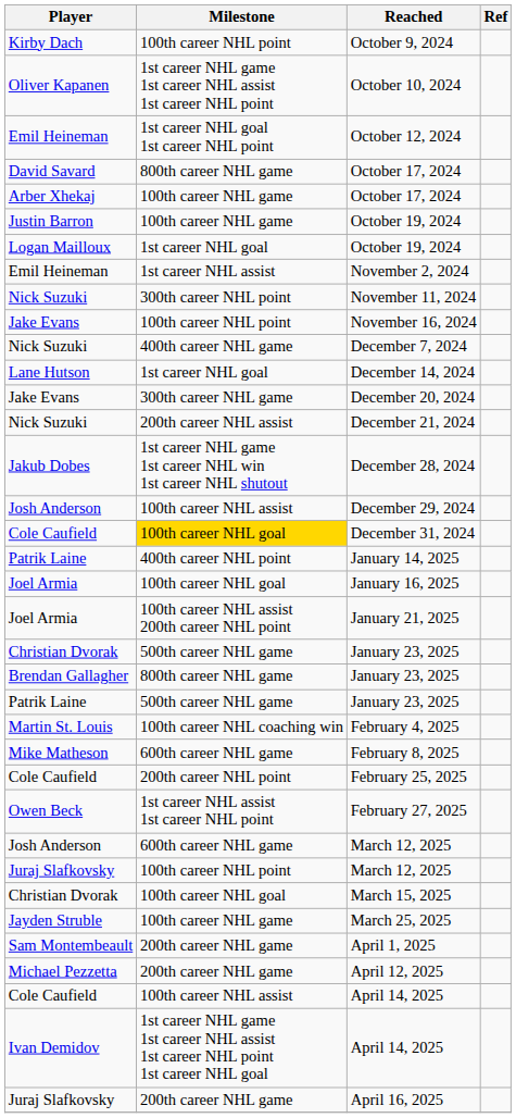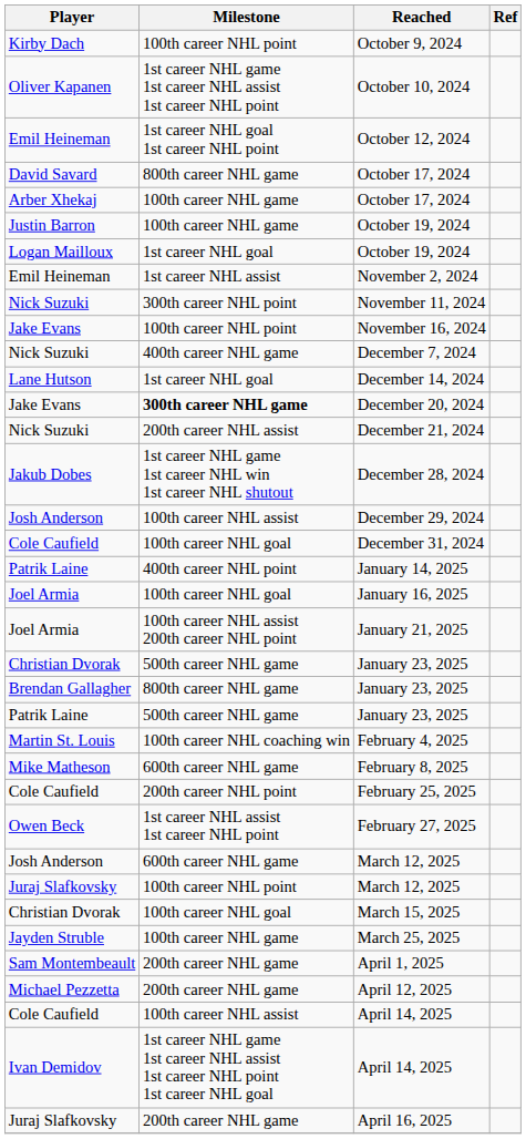 <table class="wikitable sortable">
 <tr align=center>
 <th>Player</th>
 <th>Milestone</th>
 <th data-sort-type="date">Reached</th>
 <th>Ref</th>
 </tr>
 <tr>
 <td><a href='#'>Kirby Dach</a></td>
 <td>100th career NHL point</td>
 <td>October 9, 2024</td>
 <td></td>
 </tr>
 <tr>
 <td><a href='#'>Oliver Kapanen</a></td>
 <td>1st career NHL game<br>1st career NHL assist<br>1st career NHL point</td>
 <td>October 10, 2024</td>
 <td></td>
 </tr>
 <tr>
 <td><a href='#'>Emil Heineman</a></td>
 <td>1st career NHL goal<br>1st career NHL point</td>
 <td>October 12, 2024</td>
 <td></td>
 </tr>
 <tr>
 <td><a href='#'>David Savard</a></td>
 <td>800th career NHL game</td>
 <td>October 17, 2024</td>
 <td></td>
 </tr>
 <tr>
 <td><a href='#'>Arber Xhekaj</a></td>
 <td>100th career NHL game</td>
 <td>October 17, 2024</td>
 <td></td>
 </tr>
 <tr>
 <td><a href='#'>Justin Barron</a></td>
 <td>100th career NHL game</td>
 <td>October 19, 2024</td>
 <td></td>
 </tr>
 <tr>
 <td><a href='#'>Logan Mailloux</a></td>
 <td>1st career NHL goal</td>
 <td>October 19, 2024</td>
 <td></td>
 </tr>
 <tr>
 <td>Emil Heineman</td>
 <td>1st career NHL assist</td>
 <td>November 2, 2024</td>
 <td></td>
 </tr>
 <tr>
 <td><a href='#'>Nick Suzuki</a></td>
 <td>300th career NHL point</td>
 <td>November 11, 2024</td>
 <td></td>
 </tr>
 <tr>
 <td><a href='#'>Jake Evans</a></td>
 <td>100th career NHL point</td>
 <td>November 16, 2024</td>
 <td></td>
 </tr>
 <tr>
 <td>Nick Suzuki</td>
 <td>400th career NHL game</td>
 <td>December 7, 2024</td>
 <td></td>
 </tr>
 <tr>
 <td><a href='#'>Lane Hutson</a></td>
 <td>1st career NHL goal</td>
 <td>December 14, 2024</td>
 <td></td>
 </tr>
 <tr>
 <td>Jake Evans</td>
-<td>300th career NHL game</td>
+<td><strong>300th career NHL game</strong></td>
 <td>December 20, 2024</td>
 <td></td>
 </tr>
 <tr>
 <td>Nick Suzuki</td>
 <td>200th career NHL assist</td>
 <td>December 21, 2024</td>
 <td></td>
 </tr>
 <tr>
 <td><a href='#'>Jakub Dobes</a></td>
 <td>1st career NHL game<br>1st career NHL win<br>1st career NHL <a href='#'>shutout</a></td>
 <td>December 28, 2024</td>
 <td></td>
 </tr>
 <tr>
 <td><a href='#'>Josh Anderson</a></td>
 <td>100th career NHL assist</td>
 <td>December 29, 2024</td>
 <td></td>
 </tr>
 <tr>
 <td><a href='#'>Cole Caufield</a></td>
-<td style="background: gold;">100th career NHL goal</td>
+<td>100th career NHL goal</td>
 <td>December 31, 2024</td>
 <td></td>
 </tr>
 <tr>
 <td><a href='#'>Patrik Laine</a></td>
 <td>400th career NHL point</td>
 <td>January 14, 2025</td>
 <td></td>
 </tr>
 <tr>
 <td><a href='#'>Joel Armia</a></td>
 <td>100th career NHL goal</td>
 <td>January 16, 2025</td>
 <td></td>
 </tr>
 <tr>
 <td>Joel Armia</td>
 <td>100th career NHL assist<br>200th career NHL point</td>
 <td>January 21, 2025</td>
 <td></td>
 </tr>
 <tr>
 <td><a href='#'>Christian Dvorak</a></td>
 <td>500th career NHL game</td>
 <td>January 23, 2025</td>
 <td></td>
 </tr>
 <tr>
 <td><a href='#'>Brendan Gallagher</a></td>
 <td>800th career NHL game</td>
 <td>January 23, 2025</td>
 <td></td>
 </tr>
 <tr>
 <td>Patrik Laine</td>
 <td>500th career NHL game</td>
 <td>January 23, 2025</td>
 <td></td>
 </tr>
 <tr>
 <td><a href='#'>Martin St. Louis</a></td>
 <td>100th career NHL coaching win</td>
 <td>February 4, 2025</td>
 <td></td>
 </tr>
 <tr>
 <td><a href='#'>Mike Matheson</a></td>
 <td>600th career NHL game</td>
 <td>February 8, 2025</td>
 <td></td>
 </tr>
 <tr>
 <td>Cole Caufield</td>
 <td>200th career NHL point</td>
 <td>February 25, 2025</td>
 <td></td>
 </tr>
 <tr>
 <td><a href='#'>Owen Beck</a></td>
 <td>1st career NHL assist<br>1st career NHL point</td>
 <td>February 27, 2025</td>
 <td></td>
 </tr>
 <tr>
 <td>Josh Anderson</td>
 <td>600th career NHL game</td>
 <td>March 12, 2025</td>
 <td></td>
 </tr>
 <tr>
 <td><a href='#'>Juraj Slafkovsky</a></td>
 <td>100th career NHL point</td>
 <td>March 12, 2025</td>
 <td></td>
 </tr>
 <tr>
 <td>Christian Dvorak</td>
 <td>100th career NHL goal</td>
 <td>March 15, 2025</td>
 <td></td>
 </tr>
 <tr>
 <td><a href='#'>Jayden Struble</a></td>
 <td>100th career NHL game</td>
 <td>March 25, 2025</td>
 <td></td>
 </tr>
 <tr>
 <td><a href='#'>Sam Montembeault</a></td>
 <td>200th career NHL game</td>
 <td>April 1, 2025</td>
 <td></td>
 </tr>
 <tr>
 <td><a href='#'>Michael Pezzetta</a></td>
 <td>200th career NHL game</td>
 <td>April 12, 2025</td>
 <td></td>
 </tr>
 <tr>
 <td>Cole Caufield</td>
 <td>100th career NHL assist</td>
 <td>April 14, 2025</td>
 <td></td>
 </tr>
 <tr>
 <td><a href='#'>Ivan Demidov</a></td>
 <td>1st career NHL game<br>1st career NHL assist<br>1st career NHL point<br>1st career NHL goal</td>
 <td>April 14, 2025</td>
 <td></td>
 </tr>
 <tr>
 <td>Juraj Slafkovsky</td>
 <td>200th career NHL game</td>
 <td>April 16, 2025</td>
 <td></td>
 </tr>
 <tr>
 </tr>
 </table>
